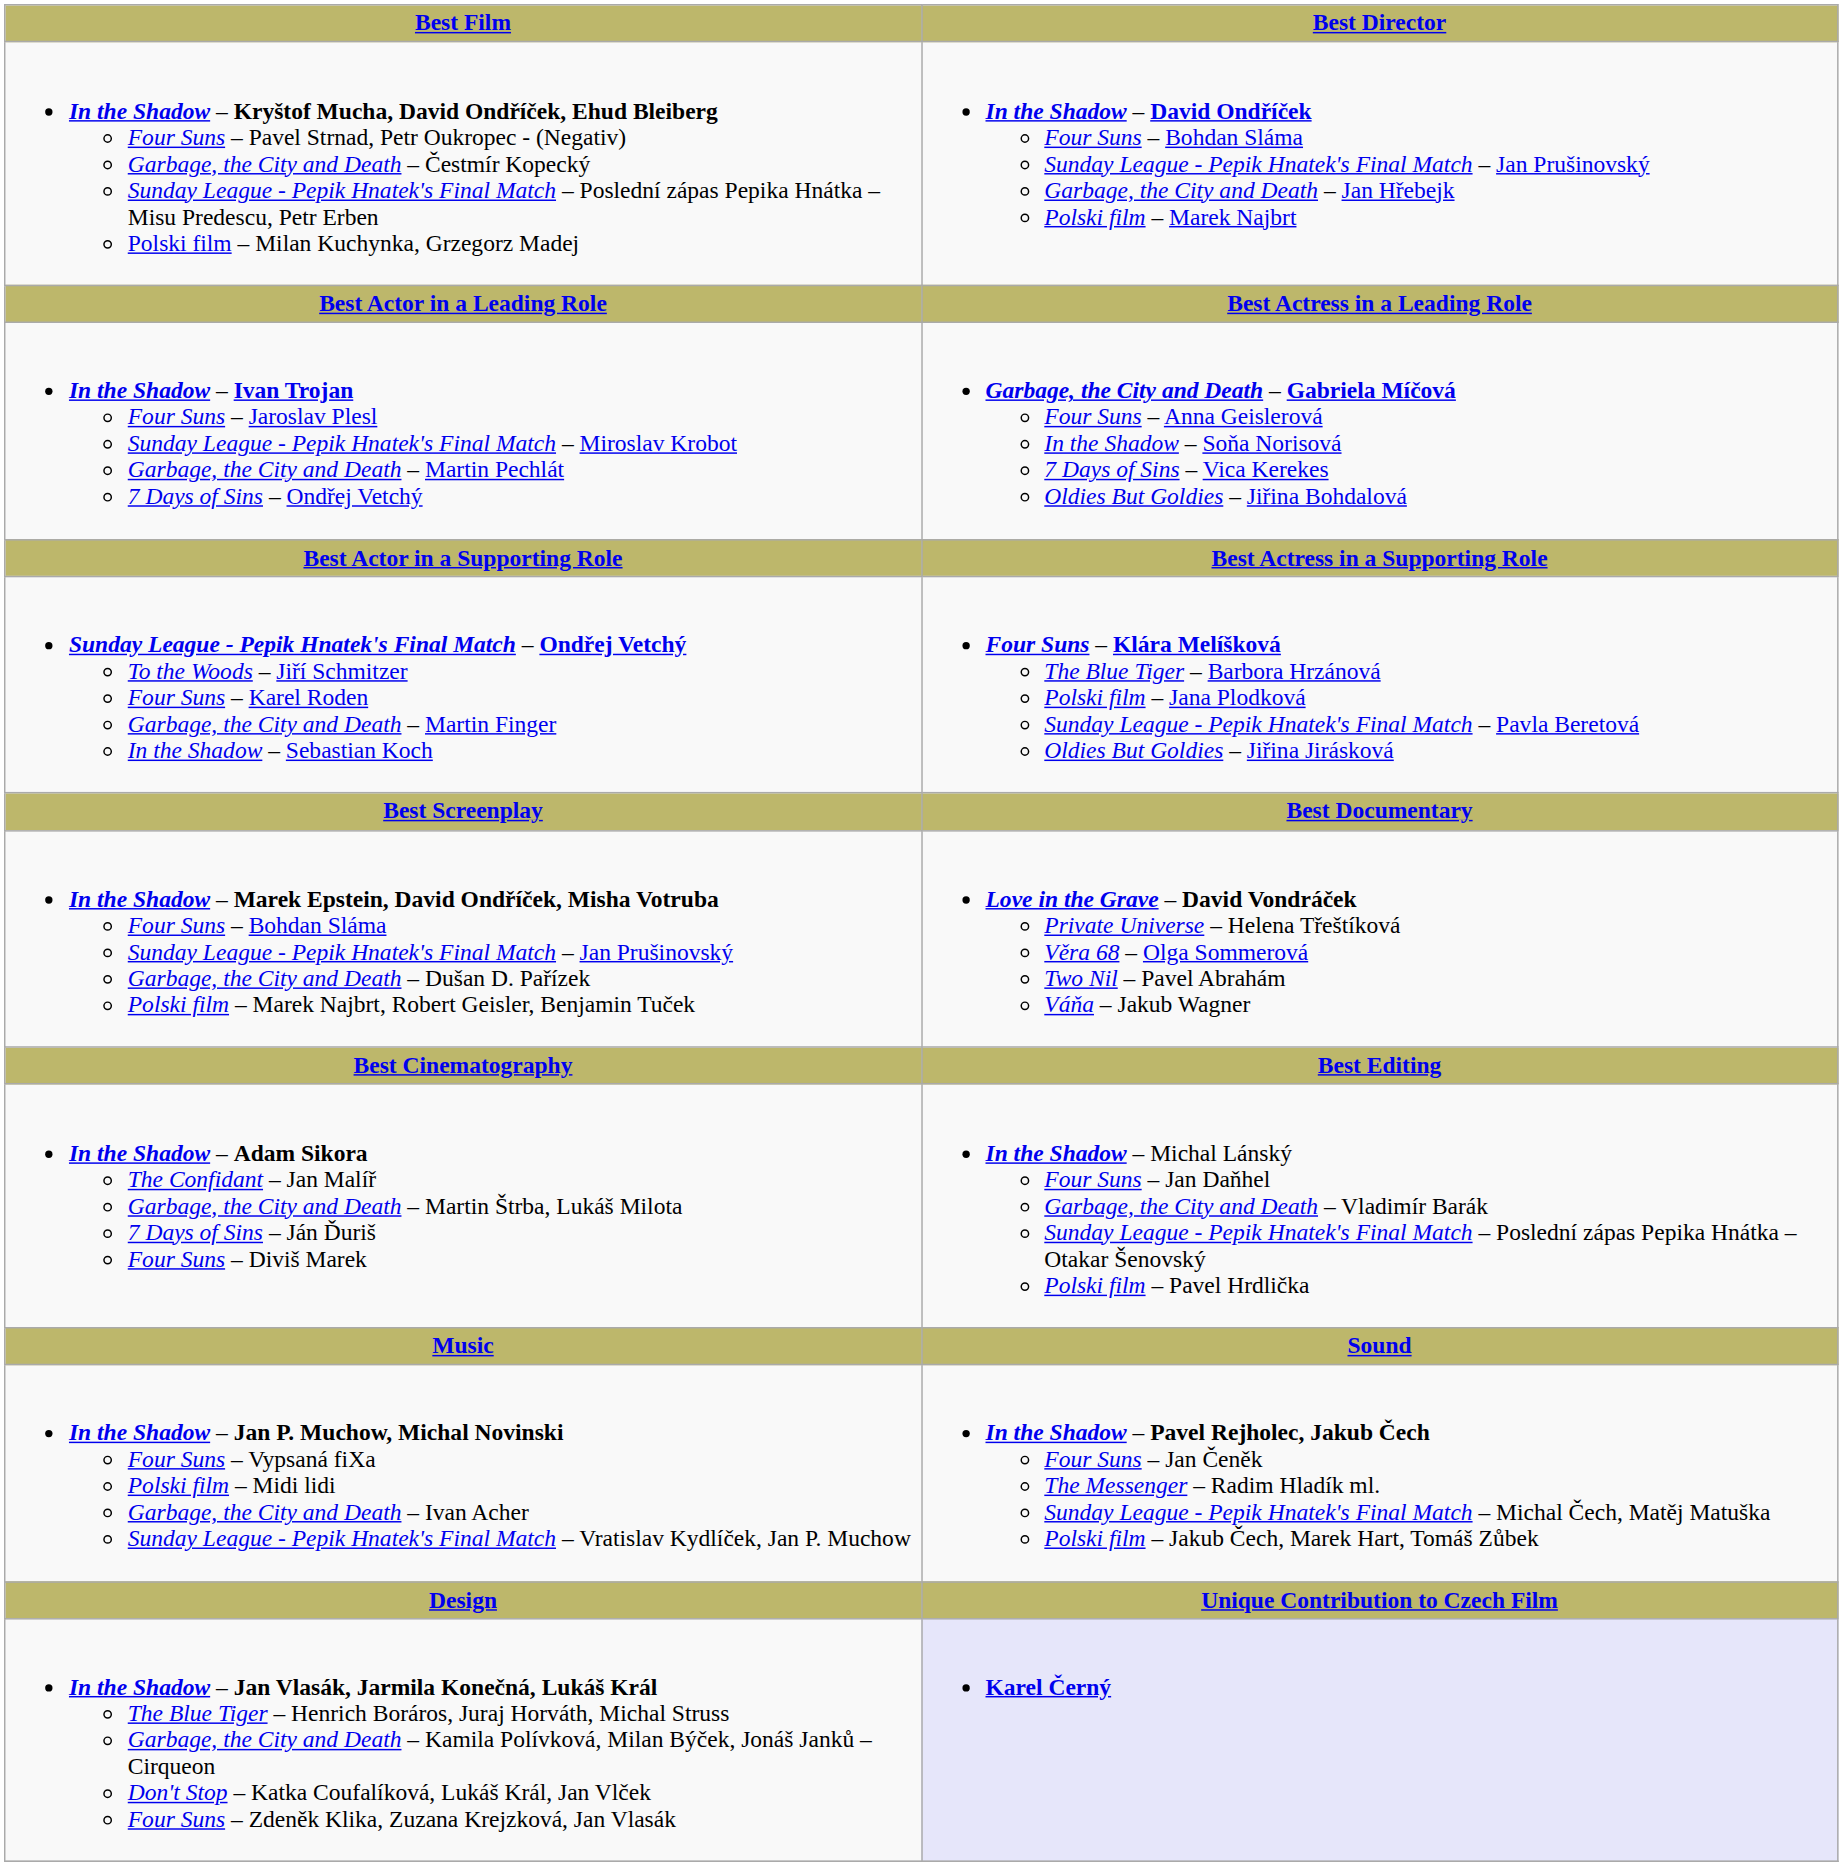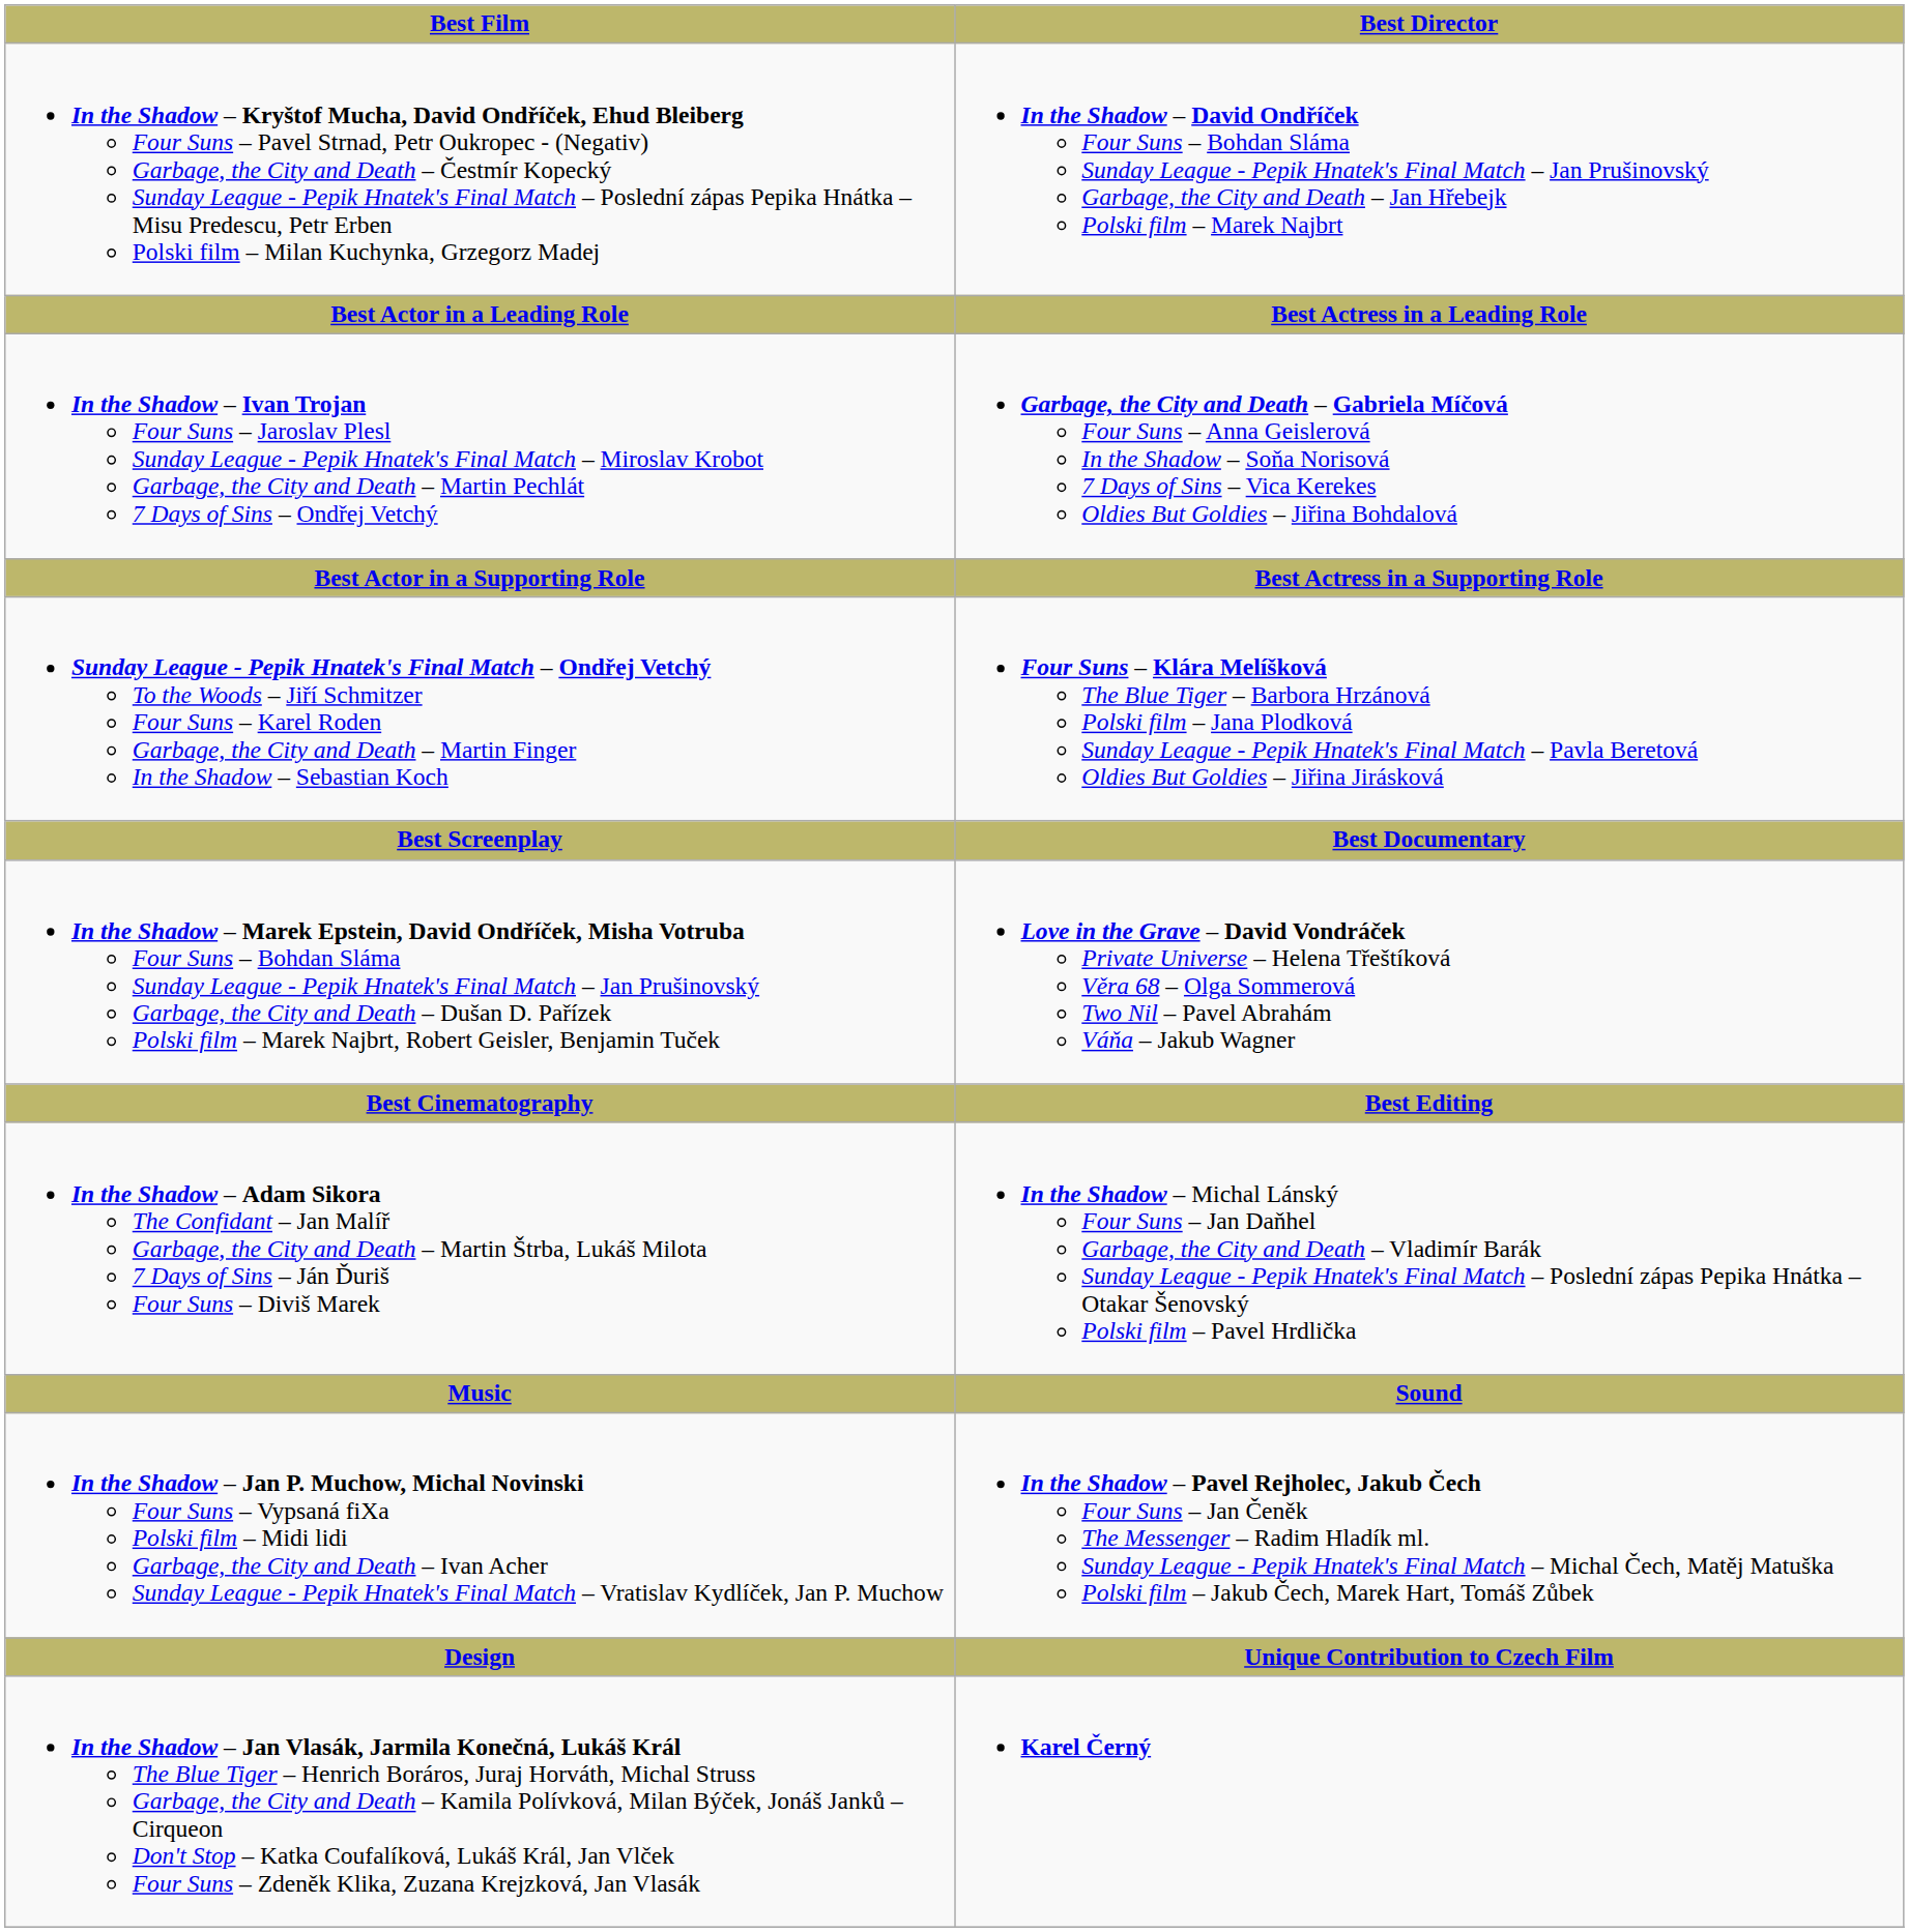 <table class=wikitable>
 <tr>
 <th style="background:#BDB76B; width: 50%"><a href='#'>Best Film</a></th>
 <th style="background:#BDB76B; width: 50%"><a href='#'>Best Director</a></th>
 </tr>
 <tr>
 <td valign="top"><br><ul><li><strong><em><a href='#'>In the Shadow</a></em></strong> – <strong>Kryštof Mucha, David Ondříček, Ehud Bleiberg</strong><ul><li><em><a href='#'>Four Suns</a></em> – Pavel Strnad, Petr Oukropec - (Negativ)</li><li><em><a href='#'>Garbage, the City and Death</a></em> – Čestmír Kopecký</li><li><em><a href='#'>Sunday League - Pepik Hnatek's Final Match</a></em> – Poslední zápas Pepika Hnátka – Misu Predescu, Petr Erben</li><li><a href='#'>Polski film</a> – Milan Kuchynka, Grzegorz Madej</li></ul></li></ul></td>
 <td valign="top"><br><ul><li><strong><em><a href='#'>In the Shadow</a></em></strong> – <strong><a href='#'>David Ondříček</a></strong><ul><li><em><a href='#'>Four Suns</a></em> – <a href='#'>Bohdan Sláma</a></li><li><em><a href='#'>Sunday League - Pepik Hnatek's Final Match</a></em> – <a href='#'>Jan Prušinovský</a></li><li><em><a href='#'>Garbage, the City and Death</a></em> – <a href='#'>Jan Hřebejk</a></li><li><em><a href='#'>Polski film</a></em> – <a href='#'>Marek Najbrt</a></li></ul></li></ul></td>
 </tr>
 <tr>
 <th style="background:#BDB76B;"><a href='#'>Best Actor in a Leading Role</a></th>
 <th style="background:#BDB76B;"><a href='#'>Best Actress in a Leading Role</a></th>
 </tr>
 <tr>
 <td valign="top"><br><ul><li><strong><em><a href='#'>In the Shadow</a></em></strong> – <strong><a href='#'>Ivan Trojan</a></strong><ul><li><em><a href='#'>Four Suns</a></em> – <a href='#'>Jaroslav Plesl</a></li><li><em><a href='#'>Sunday League - Pepik Hnatek's Final Match</a></em> – <a href='#'>Miroslav Krobot</a></li><li><em><a href='#'>Garbage, the City and Death</a></em> – <a href='#'>Martin Pechlát</a></li><li><em><a href='#'>7 Days of Sins</a></em> – <a href='#'>Ondřej Vetchý</a></li></ul></li></ul></td>
 <td valign="top"><br><ul><li><strong><em><a href='#'>Garbage, the City and Death</a></em></strong> – <strong><a href='#'>Gabriela Míčová</a></strong><ul><li><em><a href='#'>Four Suns</a></em> – <a href='#'>Anna Geislerová</a></li><li><em><a href='#'>In the Shadow</a></em> – <a href='#'>Soňa Norisová</a></li><li><em><a href='#'>7 Days of Sins</a></em> – <a href='#'>Vica Kerekes</a></li><li><em><a href='#'>Oldies But Goldies</a></em> – <a href='#'>Jiřina Bohdalová</a></li></ul></li></ul></td>
 </tr>
 <tr>
 <th style="background:#BDB76B;"><a href='#'>Best Actor in a Supporting Role</a></th>
 <th style="background:#BDB76B;"><a href='#'>Best Actress in a Supporting Role</a></th>
 </tr>
 <tr>
 <td valign="top"><br><ul><li><strong><em><a href='#'>Sunday League - Pepik Hnatek's Final Match</a></em></strong> – <strong><a href='#'>Ondřej Vetchý</a></strong><ul><li><em><a href='#'>To the Woods</a></em> – <a href='#'>Jiří Schmitzer</a></li><li><em><a href='#'>Four Suns</a></em> – <a href='#'>Karel Roden</a></li><li><em><a href='#'>Garbage, the City and Death</a></em> – <a href='#'>Martin Finger</a></li><li><em><a href='#'>In the Shadow</a></em> – <a href='#'>Sebastian Koch</a></li></ul></li></ul></td>
 <td valign="top"><br><ul><li><strong><em><a href='#'>Four Suns</a></em></strong> – <strong><a href='#'>Klára Melíšková</a></strong><ul><li><em><a href='#'>The Blue Tiger</a></em> – <a href='#'>Barbora Hrzánová</a></li><li><em><a href='#'>Polski film</a></em> – <a href='#'>Jana Plodková</a></li><li><em><a href='#'>Sunday League - Pepik Hnatek's Final Match</a></em> – <a href='#'>Pavla Beretová</a></li><li><em><a href='#'>Oldies But Goldies</a></em> – <a href='#'>Jiřina Jirásková</a></li></ul></li></ul></td>
 </tr>
 <tr>
 <th style="background:#BDB76B;"><a href='#'>Best Screenplay</a></th>
 <th style="background:#BDB76B;"><a href='#'>Best Documentary</a></th>
 </tr>
 <tr>
 <td valign="top"><br><ul><li><strong><em><a href='#'>In the Shadow</a></em></strong> – <strong>Marek Epstein, David Ondříček, Misha Votruba</strong><ul><li><em><a href='#'>Four Suns</a></em> – <a href='#'>Bohdan Sláma</a></li><li><em><a href='#'>Sunday League - Pepik Hnatek's Final Match</a></em> – <a href='#'>Jan Prušinovský</a></li><li><em><a href='#'>Garbage, the City and Death</a></em> – Dušan D. Pařízek</li><li><em><a href='#'>Polski film</a></em> – Marek Najbrt, Robert Geisler, Benjamin Tuček</li></ul></li></ul></td>
 <td valign="top"><br><ul><li><strong><em><a href='#'>Love in the Grave</a></em></strong> – <strong>David Vondráček</strong><ul><li><em><a href='#'>Private Universe</a></em> – Helena Třeštíková</li><li><em><a href='#'>Věra 68</a></em> – <a href='#'>Olga Sommerová</a></li><li><em><a href='#'>Two Nil</a></em> – Pavel Abrahám</li><li><em><a href='#'>Váňa</a></em> – Jakub Wagner</li></ul></li></ul></td>
 </tr>
 <tr>
 <th style="background:#BDB76B;"><a href='#'>Best Cinematography</a></th>
 <th style="background:#BDB76B;"><a href='#'>Best Editing</a></th>
 </tr>
 <tr>
 <td valign="top"><br><ul><li><strong><em><a href='#'>In the Shadow</a></em></strong> – <strong>Adam Sikora</strong><ul><li><em><a href='#'>The Confidant</a></em> – Jan Malíř</li><li><em><a href='#'>Garbage, the City and Death</a></em> – Martin Štrba, Lukáš Milota</li><li><em><a href='#'>7 Days of Sins</a></em> – Ján Ďuriš</li><li><em><a href='#'>Four Suns</a></em> – Diviš Marek</li></ul></li></ul></td>
 <td valign="top"><br><ul><li><strong><em><a href='#'>In the Shadow</a></em></strong> – Michal Lánský<ul><li><em><a href='#'>Four Suns</a></em> – Jan Daňhel</li><li><em><a href='#'>Garbage, the City and Death</a></em> – Vladimír Barák</li><li><em><a href='#'>Sunday League - Pepik Hnatek's Final Match</a></em> – Poslední zápas Pepika Hnátka – Otakar Šenovský</li><li><em><a href='#'>Polski film</a></em> – Pavel Hrdlička</li></ul></li></ul></td>
 </tr>
 <tr>
 <th style="background:#BDB76B;"><a href='#'>Music</a></th>
 <th style="background:#BDB76B;"><a href='#'>Sound</a></th>
 </tr>
 <tr>
 <td valign="top"><br><ul><li><strong><em><a href='#'>In the Shadow</a></em></strong> – <strong>Jan P. Muchow, Michal Novinski</strong><ul><li><em><a href='#'>Four Suns</a></em> – Vypsaná fiXa</li><li><em><a href='#'>Polski film</a></em> – Midi lidi</li><li><em><a href='#'>Garbage, the City and Death</a></em> – Ivan Acher</li><li><em><a href='#'>Sunday League - Pepik Hnatek's Final Match</a></em> – Vratislav Kydlíček, Jan P. Muchow</li></ul></li></ul></td>
 <td valign="top"><br><ul><li><strong><em><a href='#'>In the Shadow</a></em></strong> – <strong>Pavel Rejholec, Jakub Čech</strong><ul><li><em><a href='#'>Four Suns</a></em> – Jan Čeněk</li><li><em><a href='#'>The Messenger</a></em> – Radim Hladík ml.</li><li><em><a href='#'>Sunday League - Pepik Hnatek's Final Match</a></em> – Michal Čech, Matěj Matuška</li><li><em><a href='#'>Polski film</a></em> – Jakub Čech, Marek Hart, Tomáš Zůbek</li></ul></li></ul></td>
 </tr>
 <tr>
 <th style="background:#BDB76B;"><a href='#'>Design</a></th>
 <th style="background:#BDB76B;"><a href='#'>Unique Contribution to Czech Film</a></th>
 </tr>
 <tr>
 <td valign="top"><br><ul><li><strong><em><a href='#'>In the Shadow</a></em></strong> – <strong>Jan Vlasák, Jarmila Konečná, Lukáš Král</strong><ul><li><em><a href='#'>The Blue Tiger</a></em> – Henrich Boráros, Juraj Horváth, Michal Struss</li><li><em><a href='#'>Garbage, the City and Death</a></em> – Kamila Polívková, Milan Býček, Jonáš Janků – Cirqueon</li><li><em><a href='#'>Don't Stop</a></em> – Katka Coufalíková, Lukáš Král, Jan Vlček</li><li><em><a href='#'>Four Suns</a></em> – Zdeněk Klika, Zuzana Krejzková, Jan Vlasák</li></ul></li></ul></td>
-<td valign="top" style="background: lavender;"><br><ul><li><strong><a href='#'>Karel Černý</a></strong></li></ul></td>
+<td valign="top"><br><ul><li><strong><a href='#'>Karel Černý</a></strong></li></ul></td>
 </tr>
 <tr>
 </tr>
 </table>
